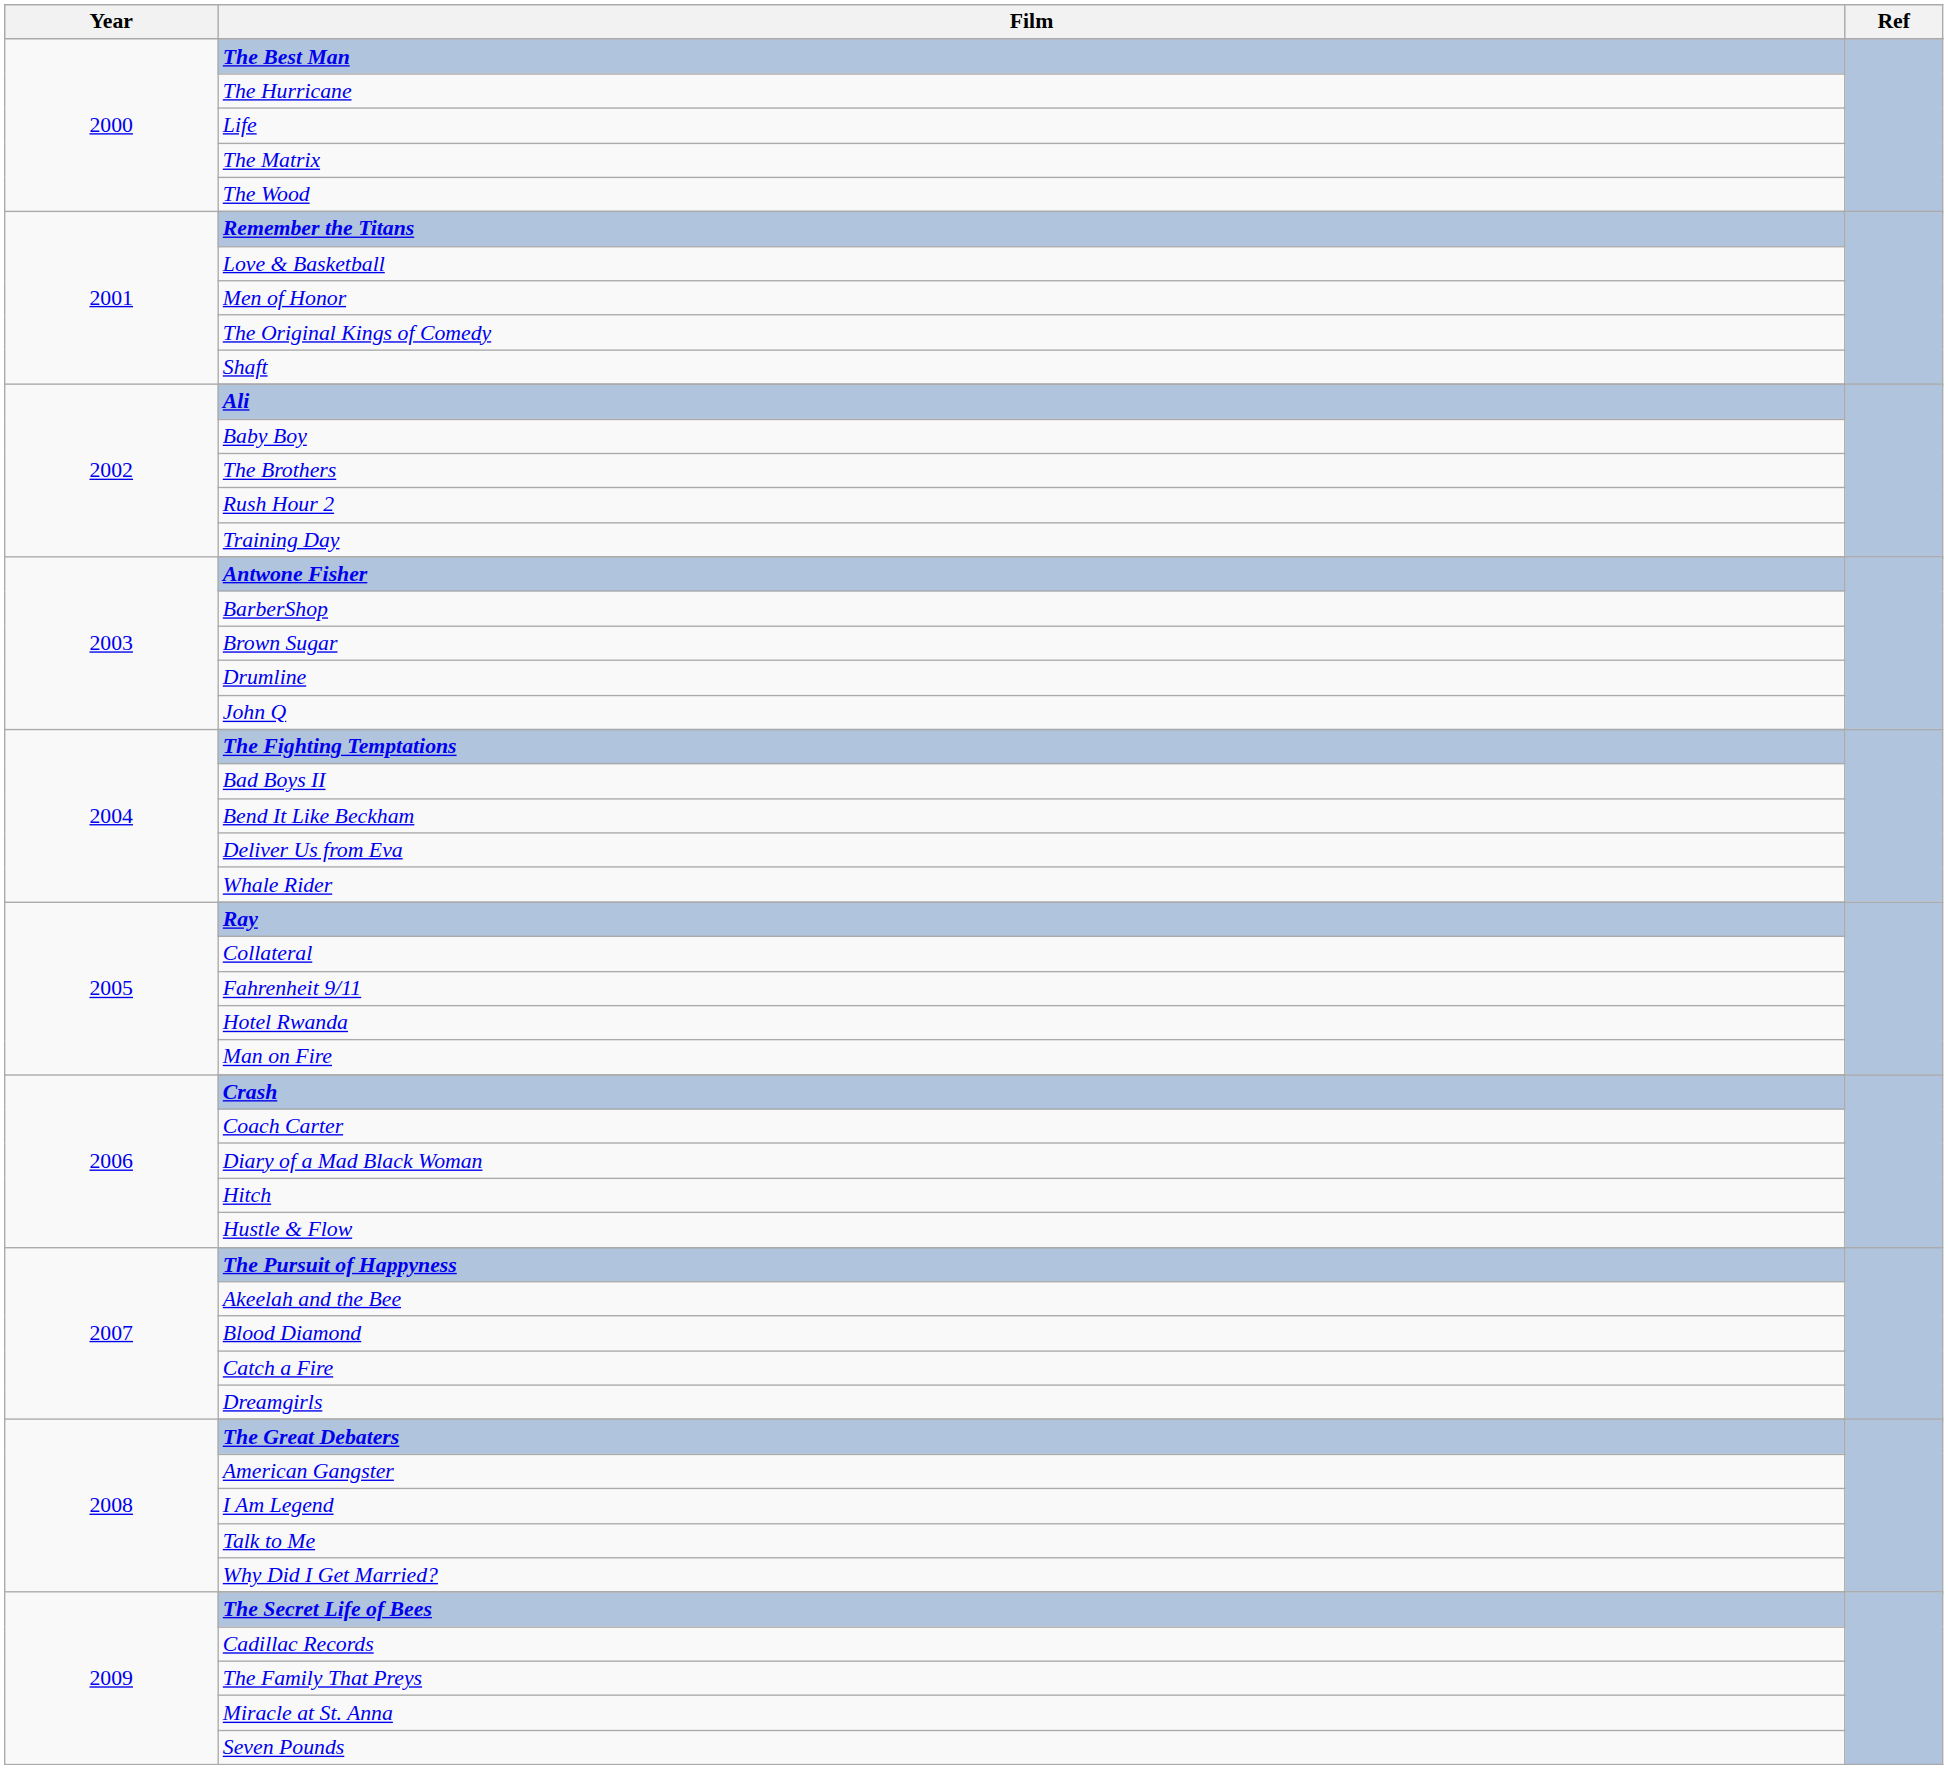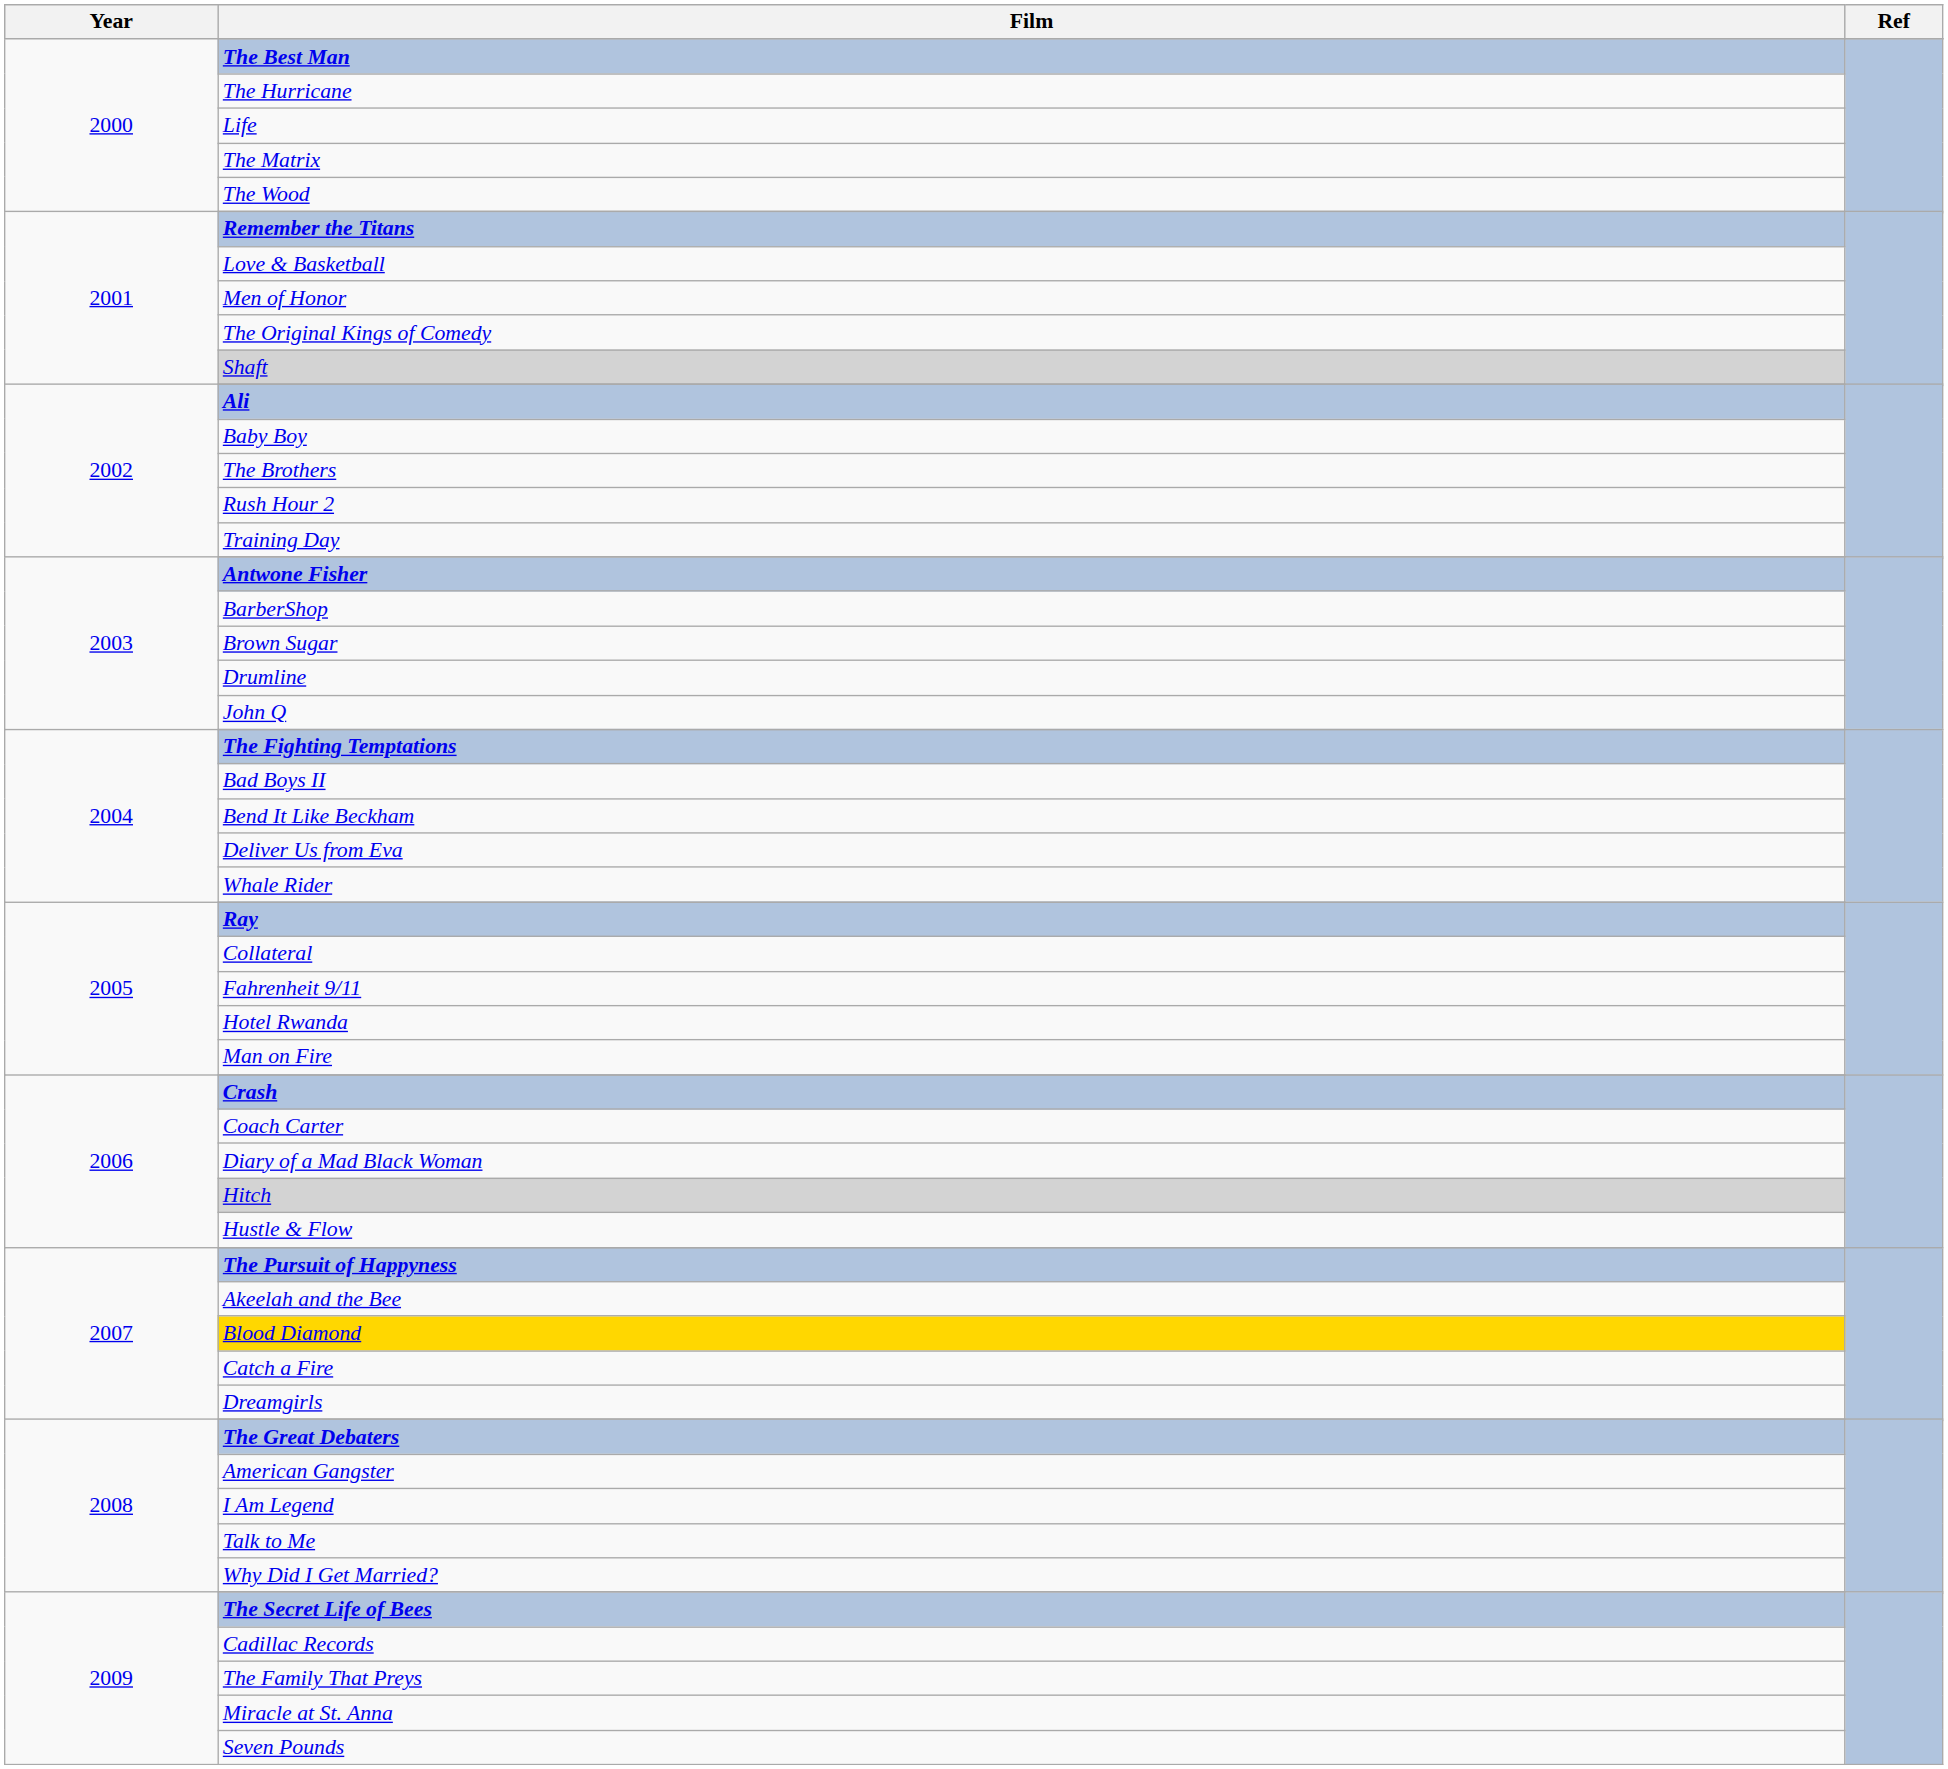 <table class="wikitable" style="width:90%;">
 <tr style="background:#bebebe;">
 <th style="width:11%;">Year</th>
 <th style="width:84%;">Film</th>
 <th style="width:5%;">Ref</th>
 </tr>
 <tr>
 <td rowspan="6" align="center"><a href='#'>2000</a></td>
 </tr>
 <tr style="background:#B0C4DE">
 <td><strong><em><a href='#'>The Best Man</a></em></strong></td>
 <td rowspan="6" align="center"></td>
 </tr>
 <tr>
 <td><em><a href='#'>The Hurricane</a></em></td>
 </tr>
 <tr>
 <td><em><a href='#'>Life</a></em></td>
 </tr>
 <tr>
 <td><em><a href='#'>The Matrix</a></em></td>
 </tr>
 <tr>
 <td><em><a href='#'>The Wood</a></em></td>
 </tr>
 <tr>
 <td rowspan="6" align="center"><a href='#'>2001</a></td>
 </tr>
 <tr style="background:#B0C4DE">
 <td><strong><em><a href='#'>Remember the Titans</a></em></strong></td>
 <td rowspan="6" align="center"></td>
 </tr>
 <tr>
 <td><em><a href='#'>Love & Basketball</a></em></td>
 </tr>
 <tr>
 <td><em><a href='#'>Men of Honor</a></em></td>
 </tr>
 <tr>
 <td><em><a href='#'>The Original Kings of Comedy</a></em></td>
 </tr>
 <tr>
-<td><em><a href='#'>Shaft</a></em></td>
+<td style="background: lightgrey;"><em><a href='#'>Shaft</a></em></td>
 </tr>
 <tr>
 <td rowspan="6" align="center"><a href='#'>2002</a></td>
 </tr>
 <tr style="background:#B0C4DE">
 <td><strong><em><a href='#'>Ali</a></em></strong></td>
 <td rowspan="6" align="center"></td>
 </tr>
 <tr>
 <td><em><a href='#'>Baby Boy</a></em></td>
 </tr>
 <tr>
 <td><em><a href='#'>The Brothers</a></em></td>
 </tr>
 <tr>
 <td><em><a href='#'>Rush Hour 2</a></em></td>
 </tr>
 <tr>
 <td><em><a href='#'>Training Day</a></em></td>
 </tr>
 <tr>
 <td rowspan="6" align="center"><a href='#'>2003</a></td>
 </tr>
 <tr style="background:#B0C4DE">
 <td><strong><em><a href='#'>Antwone Fisher</a></em></strong></td>
 <td rowspan="6" align="center"></td>
 </tr>
 <tr>
 <td><em><a href='#'>BarberShop</a></em></td>
 </tr>
 <tr>
 <td><em><a href='#'>Brown Sugar</a></em></td>
 </tr>
 <tr>
 <td><em><a href='#'>Drumline</a></em></td>
 </tr>
 <tr>
 <td><em><a href='#'>John Q</a></em></td>
 </tr>
 <tr>
 <td rowspan="6" align="center"><a href='#'>2004</a></td>
 </tr>
 <tr style="background:#B0C4DE">
 <td><strong><em><a href='#'>The Fighting Temptations</a></em></strong></td>
 <td rowspan="6" align="center"></td>
 </tr>
 <tr>
 <td><em><a href='#'>Bad Boys II</a></em></td>
 </tr>
 <tr>
 <td><em><a href='#'>Bend It Like Beckham</a></em></td>
 </tr>
 <tr>
 <td><em><a href='#'>Deliver Us from Eva</a></em></td>
 </tr>
 <tr>
 <td><em><a href='#'>Whale Rider</a></em></td>
 </tr>
 <tr>
 <td rowspan="6" align="center"><a href='#'>2005</a></td>
 </tr>
 <tr style="background:#B0C4DE">
 <td><strong><em><a href='#'>Ray</a></em></strong></td>
 <td rowspan="6" align="center"></td>
 </tr>
 <tr>
 <td><em><a href='#'>Collateral</a></em></td>
 </tr>
 <tr>
 <td><em><a href='#'>Fahrenheit 9/11</a></em></td>
 </tr>
 <tr>
 <td><em><a href='#'>Hotel Rwanda</a></em></td>
 </tr>
 <tr>
 <td><em><a href='#'>Man on Fire</a></em></td>
 </tr>
 <tr>
 <td rowspan="6" align="center"><a href='#'>2006</a></td>
 </tr>
 <tr style="background:#B0C4DE">
 <td><strong><em><a href='#'>Crash</a></em></strong></td>
 <td rowspan="6" align="center"></td>
 </tr>
 <tr>
 <td><em><a href='#'>Coach Carter</a></em></td>
 </tr>
 <tr>
 <td><em><a href='#'>Diary of a Mad Black Woman</a></em></td>
 </tr>
 <tr>
-<td><em><a href='#'>Hitch</a></em></td>
+<td style="background: lightgrey;"><em><a href='#'>Hitch</a></em></td>
 </tr>
 <tr>
 <td><em><a href='#'>Hustle & Flow</a></em></td>
 </tr>
 <tr>
 <td rowspan="6" align="center"><a href='#'>2007</a></td>
 </tr>
 <tr style="background:#B0C4DE">
 <td><strong><em><a href='#'>The Pursuit of Happyness</a></em></strong></td>
 <td rowspan="6" align="center"></td>
 </tr>
 <tr>
 <td><em><a href='#'>Akeelah and the Bee</a></em></td>
 </tr>
 <tr>
-<td><em><a href='#'>Blood Diamond</a></em></td>
+<td style="background: gold;"><em><a href='#'>Blood Diamond</a></em></td>
 </tr>
 <tr>
 <td><em><a href='#'>Catch a Fire</a></em></td>
 </tr>
 <tr>
 <td><em><a href='#'>Dreamgirls</a></em></td>
 </tr>
 <tr>
 <td rowspan="6" align="center"><a href='#'>2008</a></td>
 </tr>
 <tr style="background:#B0C4DE">
 <td><strong><em><a href='#'>The Great Debaters</a></em></strong></td>
 <td rowspan="6" align="center"></td>
 </tr>
 <tr>
 <td><em><a href='#'>American Gangster</a></em></td>
 </tr>
 <tr>
 <td><em><a href='#'>I Am Legend</a></em></td>
 </tr>
 <tr>
 <td><em><a href='#'>Talk to Me</a></em></td>
 </tr>
 <tr>
 <td><em><a href='#'>Why Did I Get Married?</a></em></td>
 </tr>
 <tr>
 <td rowspan="6" align="center"><a href='#'>2009</a></td>
 </tr>
 <tr style="background:#B0C4DE">
 <td><strong><em><a href='#'>The Secret Life of Bees</a></em></strong></td>
 <td rowspan="6" align="center"></td>
 </tr>
 <tr>
 <td><em><a href='#'>Cadillac Records</a></em></td>
 </tr>
 <tr>
 <td><em><a href='#'>The Family That Preys</a></em></td>
 </tr>
 <tr>
 <td><em><a href='#'>Miracle at St. Anna</a></em></td>
 </tr>
 <tr>
 <td><em><a href='#'>Seven Pounds</a></em></td>
 </tr>
 </table>
